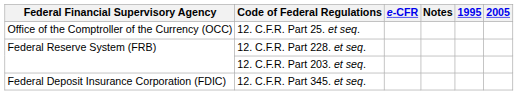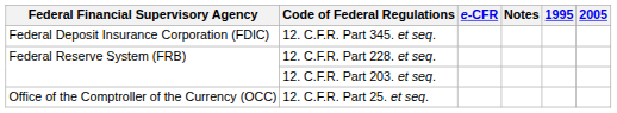 <table class="wikitable" style="font-size:98%; margin: 1em auto; background:white; id:Table I">
 <tr>
 <th>Federal Financial Supervisory Agency</th>
 <th>Code of Federal Regulations</th>
 <th><a href='#'><em>e</em>-CFR</a></th>
 <th>Notes</th>
 <th><a href='#'>1995</a></th>
 <th><a href='#'>2005</a></th>
 </tr>
 <tr>
-<td>Office of the Comptroller of the Currency (OCC)</td>
-<td>12. C.F.R. Part 25. <em>et seq</em>.</td>
+<td>Federal Deposit Insurance Corporation (FDIC)</td>
+<td>12. C.F.R. Part 345. <em>et seq</em>.</td>
 <td></td>
 <td></td>
 <td></td>
 <td></td>
 </tr>
 <tr>
 <td rowspan=2 valign="top">Federal Reserve System (FRB)</td>
 <td>12. C.F.R. Part 228. <em>et seq</em>.</td>
 <td></td>
 <td></td>
 <td></td>
 <td></td>
 </tr>
 <tr>
 <td>12. C.F.R. Part 203. <em>et seq</em>.</td>
 <td></td>
 <td></td>
 <td></td>
 <td></td>
 </tr>
 <tr>
-<td>Federal Deposit Insurance Corporation (FDIC)</td>
-<td>12. C.F.R. Part 345. <em>et seq</em>.</td>
+<td>Office of the Comptroller of the Currency (OCC)</td>
+<td>12. C.F.R. Part 25. <em>et seq</em>.</td>
 <td></td>
 <td></td>
 <td></td>
 <td></td>
 </tr>
 </table>
